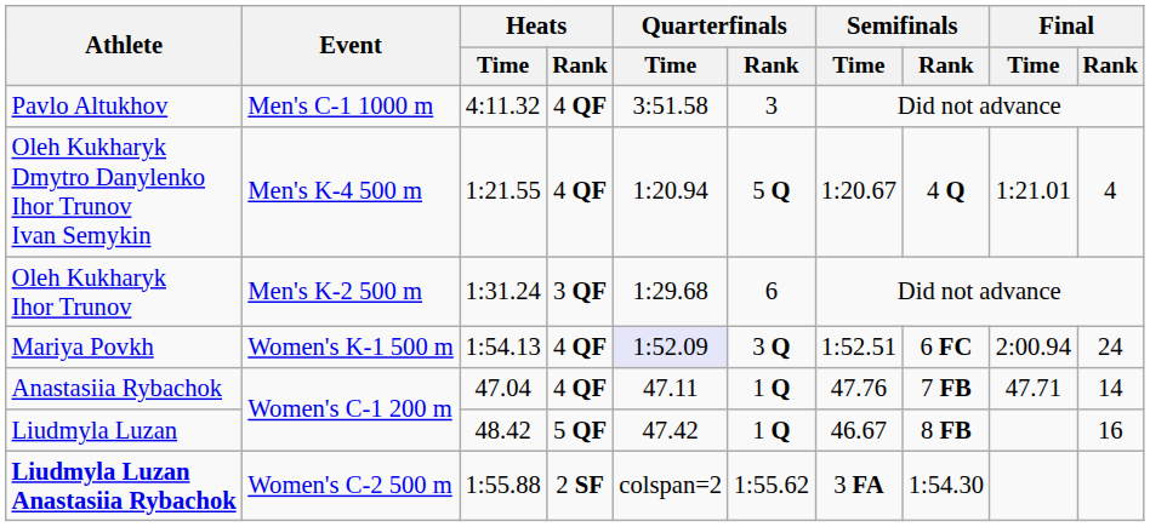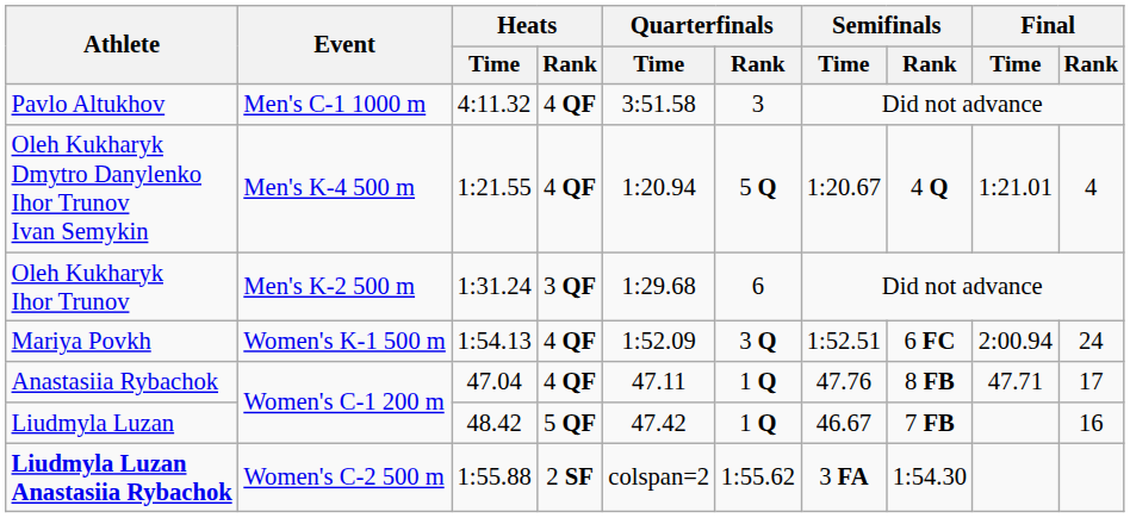 <table class=wikitable style="font-size:90%">
 <tr>
 <th rowspan="2">Athlete</th>
 <th rowspan="2">Event</th>
 <th colspan=2>Heats</th>
 <th colspan=2>Quarterfinals</th>
 <th colspan=2>Semifinals</th>
 <th colspan=2>Final</th>
 </tr>
 <tr style="font-size:95%">
 <th>Time</th>
 <th>Rank</th>
 <th>Time</th>
 <th>Rank</th>
 <th>Time</th>
 <th>Rank</th>
 <th>Time</th>
 <th>Rank</th>
 </tr>
 <tr align=center>
 <td align=left><a href='#'>Pavlo Altukhov</a></td>
 <td align=left><a href='#'>Men's C-1 1000 m</a></td>
 <td>4:11.32</td>
 <td>4 <strong>QF</strong></td>
 <td>3:51.58</td>
 <td>3</td>
 <td colspan=4>Did not advance</td>
 </tr>
 <tr align=center>
 <td align=left><a href='#'>Oleh Kukharyk</a><br><a href='#'>Dmytro Danylenko</a><br><a href='#'>Ihor Trunov</a><br><a href='#'>Ivan Semykin</a></td>
 <td align=left><a href='#'>Men's K-4 500 m</a></td>
 <td>1:21.55</td>
 <td>4 <strong>QF</strong></td>
 <td>1:20.94</td>
 <td>5 <strong>Q</strong></td>
 <td>1:20.67</td>
 <td>4 <strong>Q</strong></td>
 <td>1:21.01</td>
 <td>4</td>
 </tr>
 <tr align=center>
 <td align=left><a href='#'>Oleh Kukharyk</a><br><a href='#'>Ihor Trunov</a></td>
 <td align=left><a href='#'>Men's K-2 500 m</a></td>
 <td>1:31.24</td>
 <td>3 <strong>QF</strong></td>
 <td>1:29.68</td>
 <td>6</td>
 <td colspan=4>Did not advance</td>
 </tr>
 <tr align=center>
 <td align=left><a href='#'>Mariya Povkh</a></td>
 <td align=left><a href='#'>Women's K-1 500 m</a></td>
 <td>1:54.13</td>
 <td>4 <strong>QF</strong></td>
-<td style="background: lavender;">1:52.09</td>
+<td>1:52.09</td>
 <td>3 <strong>Q</strong></td>
 <td>1:52.51</td>
 <td>6 <strong>FC</strong></td>
 <td>2:00.94</td>
 <td>24</td>
 </tr>
 <tr align=center>
 <td align=left><a href='#'>Anastasiia Rybachok</a></td>
 <td align=left rowspan=2><a href='#'>Women's C-1 200 m</a></td>
 <td>47.04</td>
 <td>4 <strong>QF</strong></td>
 <td>47.11</td>
 <td>1 <strong>Q</strong></td>
 <td>47.76</td>
-<td>7 <strong>FB</strong></td>
+<td>8 <strong>FB</strong></td>
 <td>47.71</td>
-<td>14</td>
+<td>17</td>
 </tr>
 <tr align=center>
 <td align=left><a href='#'>Liudmyla Luzan</a></td>
 <td>48.42</td>
 <td>5 <strong>QF</strong></td>
 <td>47.42</td>
 <td>1 <strong>Q</strong></td>
 <td>46.67</td>
-<td>8 <strong>FB</strong></td>
+<td>7 <strong>FB</strong></td>
 <td></td>
 <td>16</td>
 </tr>
 <tr align=center>
 <td align=left><strong><a href='#'>Liudmyla Luzan</a><br><a href='#'>Anastasiia Rybachok</a></strong></td>
 <td align=left><a href='#'>Women's C-2 500 m</a></td>
 <td>1:55.88</td>
 <td>2 <strong>SF</strong></td>
 <td>colspan=2 </td>
 <td>1:55.62</td>
 <td>3 <strong>FA</strong></td>
 <td>1:54.30</td>
 <td></td>
 </tr>
 </table>
